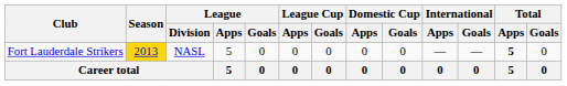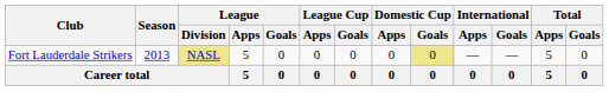 <table class="wikitable" style="text-align: center;">
 <tr>
 <th rowspan="2">Club</th>
 <th rowspan="2">Season</th>
 <th colspan="3">League</th>
 <th colspan="2">League Cup</th>
 <th colspan="2">Domestic Cup</th>
 <th colspan="2">International</th>
 <th colspan="2">Total</th>
 </tr>
 <tr>
 <th>Division</th>
 <th>Apps</th>
 <th>Goals</th>
 <th>Apps</th>
 <th>Goals</th>
 <th>Apps</th>
 <th>Goals</th>
 <th>Apps</th>
 <th>Goals</th>
 <th>Apps</th>
 <th>Goals</th>
 </tr>
 <tr>
 <td rowspan="1"><a href='#'>Fort Lauderdale Strikers</a></td>
-<td style="background: gold;"><a href='#'>2013</a></td>
-<td><a href='#'>NASL</a></td>
+<td><a href='#'>2013</a></td>
+<td style="background: khaki;"><a href='#'>NASL</a></td>
 <td>5</td>
 <td>0</td>
 <td>0</td>
 <td>0</td>
 <td>0</td>
-<td>0</td>
+<td style="background: khaki;">0</td>
 <td>—</td>
 <td>—</td>
-<td><strong>5</strong></td>
+<td>5</td>
 <td>0</td>
 </tr>
 <tr>
 <th colspan="3">Career total</th>
 <th>5</th>
 <th>0</th>
 <th>0</th>
 <th>0</th>
 <th>0</th>
 <th>0</th>
 <th>0</th>
 <th>0</th>
 <th>5</th>
 <th>0</th>
 </tr>
 </table>
